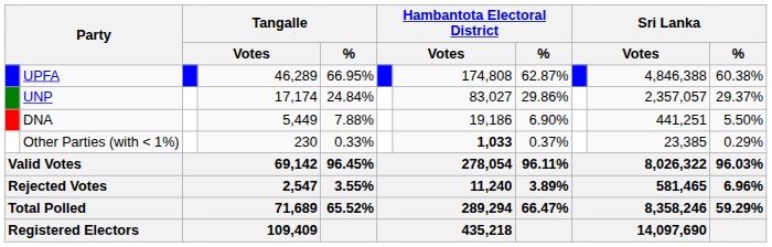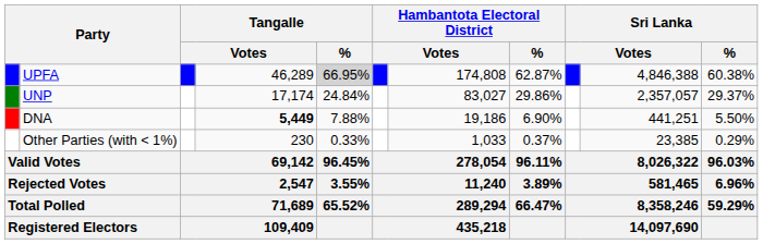 <table class="wikitable">
 <tr>
 <th colspan="2" width="144px"rowspan="2">Party</th>
 <th colspan="3" width="216px">Tangalle</th>
 <th colspan="3" width="216px"><a href='#'>Hambantota Electoral District</a></th>
 <th colspan="3" width="216px">Sri Lanka</th>
 </tr>
 <tr>
 <th colspan="2" width="144px">Votes</th>
 <th>%</th>
 <th colspan="2" width="144px">Votes</th>
 <th>%</th>
 <th colspan="2" width="144px">Votes</th>
 <th>%</th>
 </tr>
 <tr>
 <td style="background-color:blue;" width="10px"></td>
 <td style="text-align:left;"><a href='#'>UPFA</a></td>
 <td style="background-color:blue;" width="10px"></td>
 <td style="text-align:right;">46,289</td>
-<td style="text-align:right;">66.95%</td>
+<td style="background: lightgrey; text-align:right;">66.95%</td>
 <td style="background-color:blue;" width="10px"></td>
 <td style="text-align:right;">174,808</td>
 <td style="text-align:right;">62.87%</td>
 <td style="background-color:blue;" width="10px"></td>
 <td style="text-align:right;">4,846,388</td>
 <td style="text-align:right;">60.38%</td>
 </tr>
 <tr>
 <td style="background-color:green;" width="10px"></td>
 <td style="text-align:left;"><a href='#'>UNP</a></td>
 <td style="background-color:white;" width="10px"></td>
 <td style="text-align:right;">17,174</td>
 <td style="text-align:right;">24.84%</td>
 <td style="background-color:white;" width="10px"></td>
 <td style="text-align:right;">83,027</td>
 <td style="text-align:right;">29.86%</td>
 <td style="background-color:white;" width="10px"></td>
 <td style="text-align:right;">2,357,057</td>
 <td style="text-align:right;">29.37%</td>
 </tr>
 <tr>
 <td style="background-color:red;" width="10px"></td>
 <td style="text-align:left;">DNA</td>
 <td style="background-color:white;" width="10px"></td>
-<td style="text-align:right;">5,449</td>
+<td style="text-align:right;"><strong>5,449</strong></td>
 <td style="text-align:right;">7.88%</td>
 <td style="background-color:white;" width="10px"></td>
 <td style="text-align:right;">19,186</td>
 <td style="text-align:right;">6.90%</td>
 <td style="background-color:white;" width="10px"></td>
 <td style="text-align:right;">441,251</td>
 <td style="text-align:right;">5.50%</td>
 </tr>
 <tr>
 <td style="background-color:white;" width="10px"></td>
 <td style="text-align:left;">Other Parties (with < 1%)</td>
 <td style="background-color:white;" width="10px"></td>
 <td style="text-align:right;">230</td>
 <td style="text-align:right;">0.33%</td>
 <td style="background-color:white;" width="10px"></td>
-<td style="text-align:right;"><strong>1,033</strong></td>
+<td style="text-align:right;">1,033</td>
 <td style="text-align:right;">0.37%</td>
 <td style="background-color:white;" width="10px"></td>
 <td style="text-align:right;">23,385</td>
 <td style="text-align:right;">0.29%</td>
 </tr>
 <tr>
 <th colspan="2" width="144px"style="text-align:left;">Valid Votes</th>
 <th style="text-align:right;"colspan="2" width="144px">69,142</th>
 <th style="text-align:right;">96.45%</th>
 <th style="text-align:right;"colspan="2" width="144px">278,054</th>
 <th style="text-align:right;">96.11%</th>
 <th style="text-align:right;"colspan="2" width="144px">8,026,322</th>
 <th style="text-align:right;">96.03%</th>
 </tr>
 <tr>
 <th colspan="2" width="144px"style="text-align:left;">Rejected Votes</th>
 <th style="text-align:right;"colspan="2" width="144px">2,547</th>
 <th style="text-align:right;">3.55%</th>
 <th style="text-align:right;"colspan="2" width="144px">11,240</th>
 <th style="text-align:right;">3.89%</th>
 <th style="text-align:right;"colspan="2" width="144px">581,465</th>
 <th style="text-align:right;">6.96%</th>
 </tr>
 <tr>
 <th colspan="2" width="144px"style="text-align:left;">Total Polled</th>
 <th style="text-align:right;"colspan="2" width="144px">71,689</th>
 <th style="text-align:right;">65.52%</th>
 <th style="text-align:right;"colspan="2" width="144px">289,294</th>
 <th style="text-align:right;">66.47%</th>
 <th style="text-align:right;"colspan="2" width="144px">8,358,246</th>
 <th style="text-align:right;">59.29%</th>
 </tr>
 <tr>
 <th colspan="2" width="144px"style="text-align:left;">Registered Electors</th>
 <th style="text-align:right;"colspan="2" width="144px">109,409</th>
 <th></th>
 <th style="text-align:right;"colspan="2" width="144px">435,218</th>
 <th></th>
 <th style="text-align:right;"colspan="2" width="144px">14,097,690</th>
 <th></th>
 </tr>
 </table>
